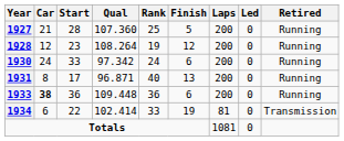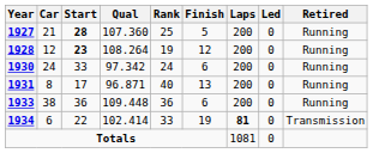 <table class="wikitable" style="text-align:center">
 <tr>
 <th>Year</th>
 <th>Car</th>
 <th>Start</th>
 <th>Qual</th>
 <th>Rank</th>
 <th>Finish</th>
 <th>Laps</th>
 <th>Led</th>
 <th>Retired</th>
 </tr>
 <tr>
 <th><a href='#'>1927</a></th>
 <td>21</td>
-<td>28</td>
+<td><strong>28</strong></td>
 <td>107.360</td>
 <td>25</td>
 <td>5</td>
 <td>200</td>
 <td>0</td>
 <td>Running</td>
 </tr>
 <tr>
 <th><a href='#'>1928</a></th>
 <td>12</td>
-<td>23</td>
+<td><strong>23</strong></td>
 <td>108.264</td>
 <td>19</td>
 <td>12</td>
 <td>200</td>
 <td>0</td>
 <td>Running</td>
 </tr>
 <tr>
 <th><a href='#'>1930</a></th>
 <td>24</td>
 <td>33</td>
 <td>97.342</td>
 <td>24</td>
 <td>6</td>
 <td>200</td>
 <td>0</td>
 <td>Running</td>
 </tr>
 <tr>
 <th><a href='#'>1931</a></th>
 <td>8</td>
 <td>17</td>
 <td>96.871</td>
 <td>40</td>
 <td>13</td>
 <td>200</td>
 <td>0</td>
 <td>Running</td>
 </tr>
 <tr>
 <th><a href='#'>1933</a></th>
-<td><strong>38</strong></td>
+<td>38</td>
 <td>36</td>
 <td>109.448</td>
 <td>36</td>
 <td>6</td>
 <td>200</td>
 <td>0</td>
 <td>Running</td>
 </tr>
 <tr>
 <th><a href='#'>1934</a></th>
 <td>6</td>
 <td>22</td>
 <td>102.414</td>
 <td>33</td>
 <td>19</td>
-<td>81</td>
+<td><strong>81</strong></td>
 <td>0</td>
 <td>Transmission</td>
 </tr>
 <tr>
 <td colspan=6><strong>Totals</strong></td>
 <td>1081</td>
 <td>0</td>
 <td></td>
 </tr>
 </table>
